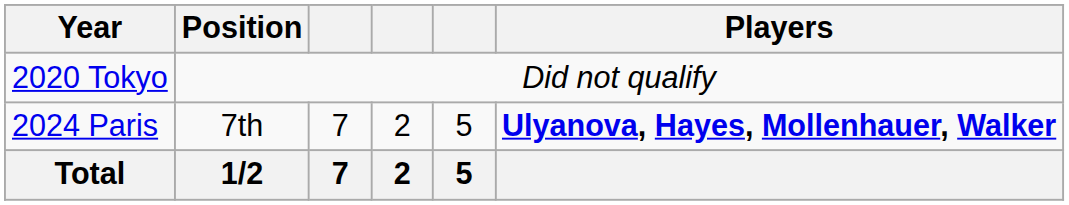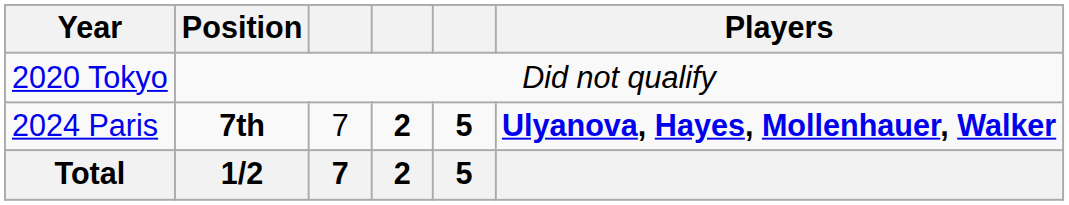 <table class="wikitable" style="text-align: center;">
 <tr>
 <th>Year</th>
 <th>Position</th>
 <th width=25px></th>
 <th width=25px></th>
 <th width=25px></th>
 <th>Players</th>
 </tr>
 <tr>
 <td style="text-align: left;"> <a href='#'>2020 Tokyo</a></td>
 <td colspan=5><em>Did not qualify</em></td>
 </tr>
 <tr>
 <td style="text-align: left;"> <a href='#'>2024 Paris</a></td>
-<td>7th</td>
+<td><strong>7th</strong></td>
 <td>7</td>
-<td>2</td>
-<td>5</td>
+<td><strong>2</strong></td>
+<td><strong>5</strong></td>
 <td><strong><a href='#'>Ulyanova</a>, <a href='#'>Hayes</a>, <a href='#'>Mollenhauer</a>, <a href='#'>Walker</a></strong></td>
 </tr>
 <tr>
 <th>Total</th>
 <th>1/2</th>
 <th>7</th>
 <th>2</th>
 <th>5</th>
 <th></th>
 </tr>
 </table>
